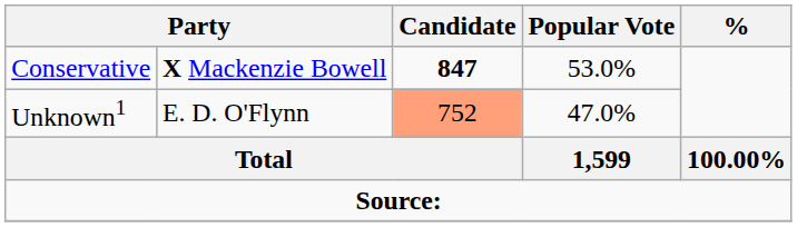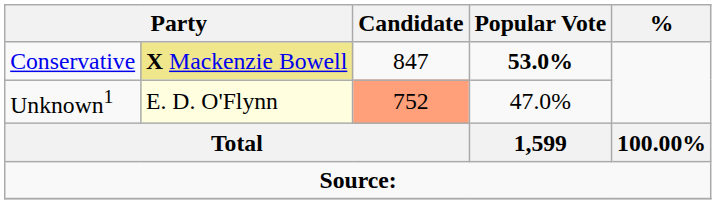 <table class="wikitable">
 <tr>
 <th colspan="2">Party</th>
 <th>Candidate</th>
 <th>Popular Vote</th>
 <th>%</th>
 </tr>
 <tr>
 <td><a href='#'>Conservative</a></td>
-<td> <strong>X</strong> <a href='#'>Mackenzie Bowell</a></td>
-<td align=center><strong>847</strong></td>
-<td align=center>53.0%</td>
+<td style="background: khaki;"> <strong>X</strong> <a href='#'>Mackenzie Bowell</a></td>
+<td align=center>847</td>
+<td align=center><strong>53.0%</strong></td>
 </tr>
 <tr>
 <td>Unknown<sup>1</sup></td>
-<td>E. D. O'Flynn</td>
+<td style="background: lightyellow;">E. D. O'Flynn</td>
 <td align=center style="background: lightsalmon;">752</td>
 <td align=center>47.0%</td>
 </tr>
 <tr>
 <th colspan=3 align=center>Total</th>
 <th align=right>1,599</th>
 <th align=right>100.00%</th>
 </tr>
 <tr>
 <td align="center" colspan=5><strong>Source:</strong> </td>
 </tr>
 <tr>
 </tr>
 </table>
